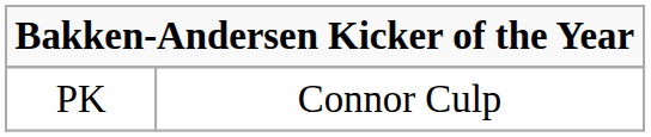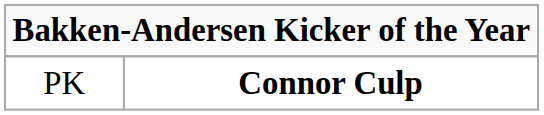 <table class="wikitable sortable" style="text-align:center">
 <tr>
 <td colspan="3"><strong>Bakken-Andersen Kicker of the Year</strong></td>
 </tr>
 <tr>
 </tr>
 <tr style="text-align:center;">
 <td style="background:white">PK</td>
-<td style="background:white">Connor Culp</td>
+<td style="background:white"><strong>Connor Culp</strong></td>
 </tr>
 </table>
